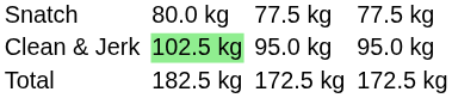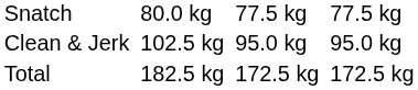 <table>
 <tr>
 <td>Snatch</td>
 <td></td>
 <td>80.0 kg</td>
 <td></td>
 <td>77.5 kg</td>
 <td></td>
 <td>77.5 kg</td>
 </tr>
 <tr>
 <td>Clean & Jerk</td>
 <td></td>
-<td style="background: lightgreen;">102.5 kg</td>
+<td>102.5 kg</td>
 <td></td>
 <td>95.0 kg</td>
 <td></td>
 <td>95.0 kg</td>
 </tr>
 <tr>
 <td>Total</td>
 <td></td>
 <td>182.5 kg</td>
 <td></td>
 <td>172.5 kg</td>
 <td></td>
 <td>172.5 kg</td>
 </tr>
 </table>
